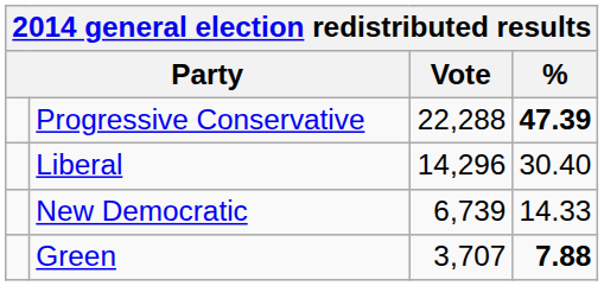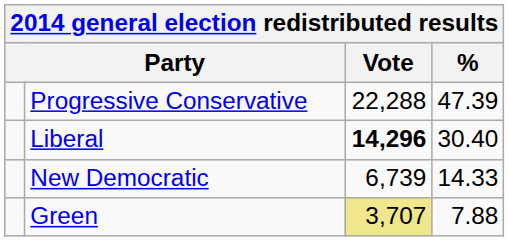 <table class="wikitable">
 <tr>
 <th colspan="4"><a href='#'>2014 general election</a> redistributed results</th>
 </tr>
 <tr>
 <th bgcolor="#DDDDFF" width="130px" colspan="2">Party</th>
 <th bgcolor="#DDDDFF" width="50px">Vote</th>
 <th bgcolor="#DDDDFF" width="30px">%</th>
 </tr>
 <tr>
 <td> </td>
 <td><a href='#'>Progressive Conservative</a></td>
 <td align=right>22,288</td>
-<td align=right><strong>47.39</strong></td>
+<td align=right>47.39</td>
 </tr>
 <tr>
 <td> </td>
 <td><a href='#'>Liberal</a></td>
-<td align=right>14,296</td>
+<td align=right><strong>14,296</strong></td>
 <td align=right>30.40</td>
 </tr>
 <tr>
 <td> </td>
 <td><a href='#'>New Democratic</a></td>
 <td align=right>6,739</td>
 <td align=right>14.33</td>
 </tr>
 <tr>
 <td> </td>
 <td><a href='#'>Green</a></td>
-<td align=right>3,707</td>
-<td align=right><strong>7.88</strong></td>
+<td align=right style="background: khaki;">3,707</td>
+<td align=right>7.88</td>
 </tr>
 </table>
